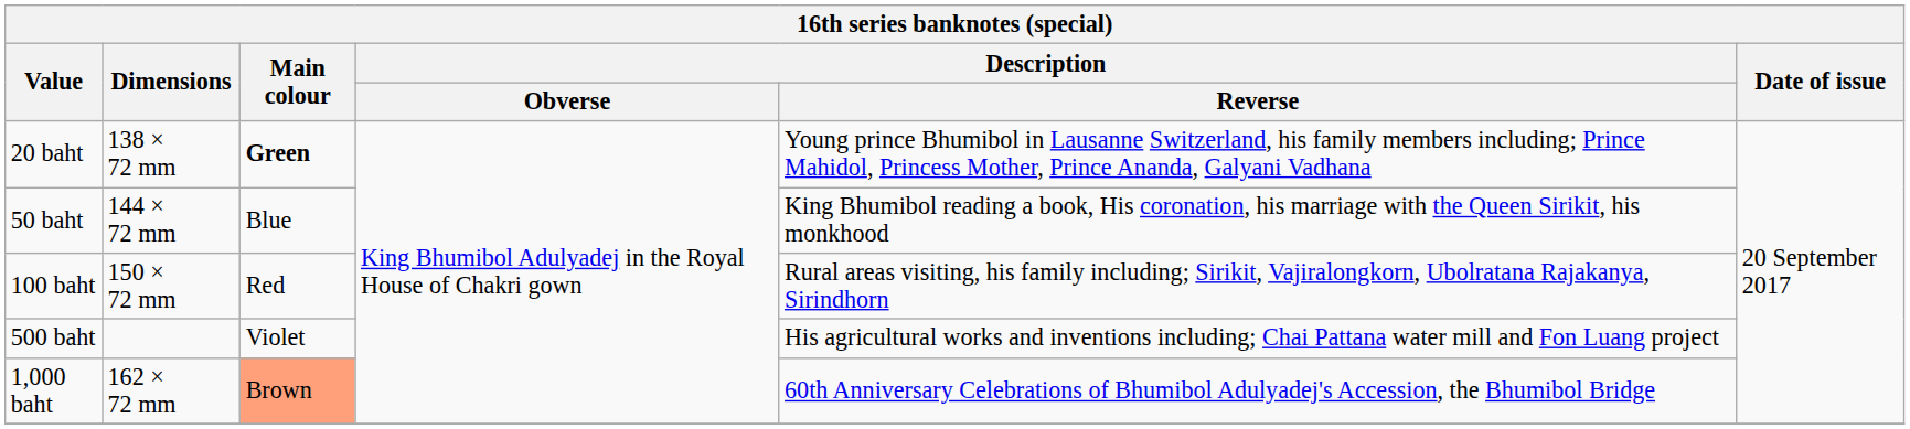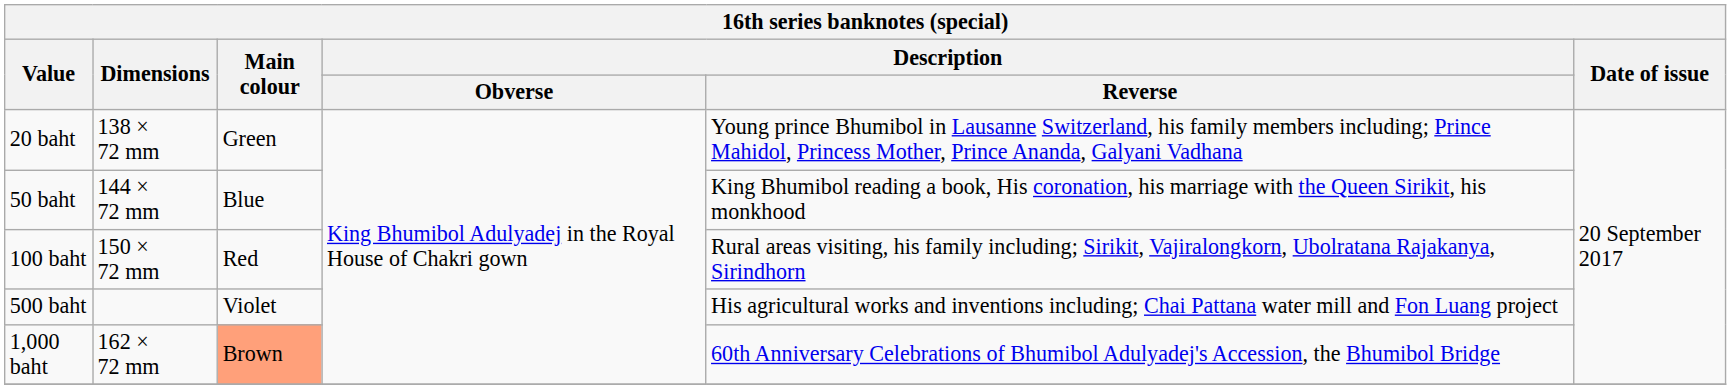 <table class="wikitable">
 <tr>
 <th colspan="8">16th series banknotes (special)</th>
 </tr>
 <tr>
 <th rowspan="2">Value</th>
 <th rowspan="2">Dimensions</th>
 <th rowspan="2">Main colour</th>
 <th colspan="2">Description</th>
 <th rowspan="2">Date of issue</th>
 </tr>
 <tr>
 <th>Obverse</th>
 <th>Reverse</th>
 </tr>
 <tr>
 <td>20 baht</td>
 <td>138 × 72 mm</td>
-<td><strong>Green</strong></td>
+<td>Green</td>
 <td rowspan="5"><a href='#'>King Bhumibol Adulyadej</a> in the Royal House of Chakri gown</td>
 <td>Young prince Bhumibol in <a href='#'>Lausanne</a> <a href='#'>Switzerland</a>, his family members including; <a href='#'>Prince Mahidol</a>, <a href='#'>Princess Mother</a>, <a href='#'>Prince Ananda</a>, <a href='#'>Galyani Vadhana</a></td>
 <td rowspan="5">20 September 2017</td>
 </tr>
 <tr>
 <td>50 baht</td>
 <td>144 × 72 mm</td>
 <td>Blue</td>
 <td>King Bhumibol reading a book, His <a href='#'>coronation</a>, his marriage with <a href='#'>the Queen Sirikit</a>, his monkhood</td>
 </tr>
 <tr>
 <td>100 baht</td>
 <td>150 × 72 mm</td>
 <td>Red</td>
 <td>Rural areas visiting, his family including; <a href='#'>Sirikit</a>, <a href='#'>Vajiralongkorn</a>, <a href='#'>Ubolratana Rajakanya</a>, <a href='#'>Sirindhorn</a></td>
 </tr>
 <tr>
 <td>500 baht</td>
 <td></td>
 <td>Violet</td>
 <td>His agricultural works and inventions including; <a href='#'>Chai Pattana</a> water mill and <a href='#'>Fon Luang</a> project</td>
 </tr>
 <tr>
 <td>1,000 baht</td>
 <td>162 × 72 mm</td>
 <td style="background: lightsalmon;">Brown</td>
 <td><a href='#'>60th Anniversary Celebrations of Bhumibol Adulyadej's Accession</a>, the <a href='#'>Bhumibol Bridge</a></td>
 </tr>
 <tr>
 </tr>
 </table>
